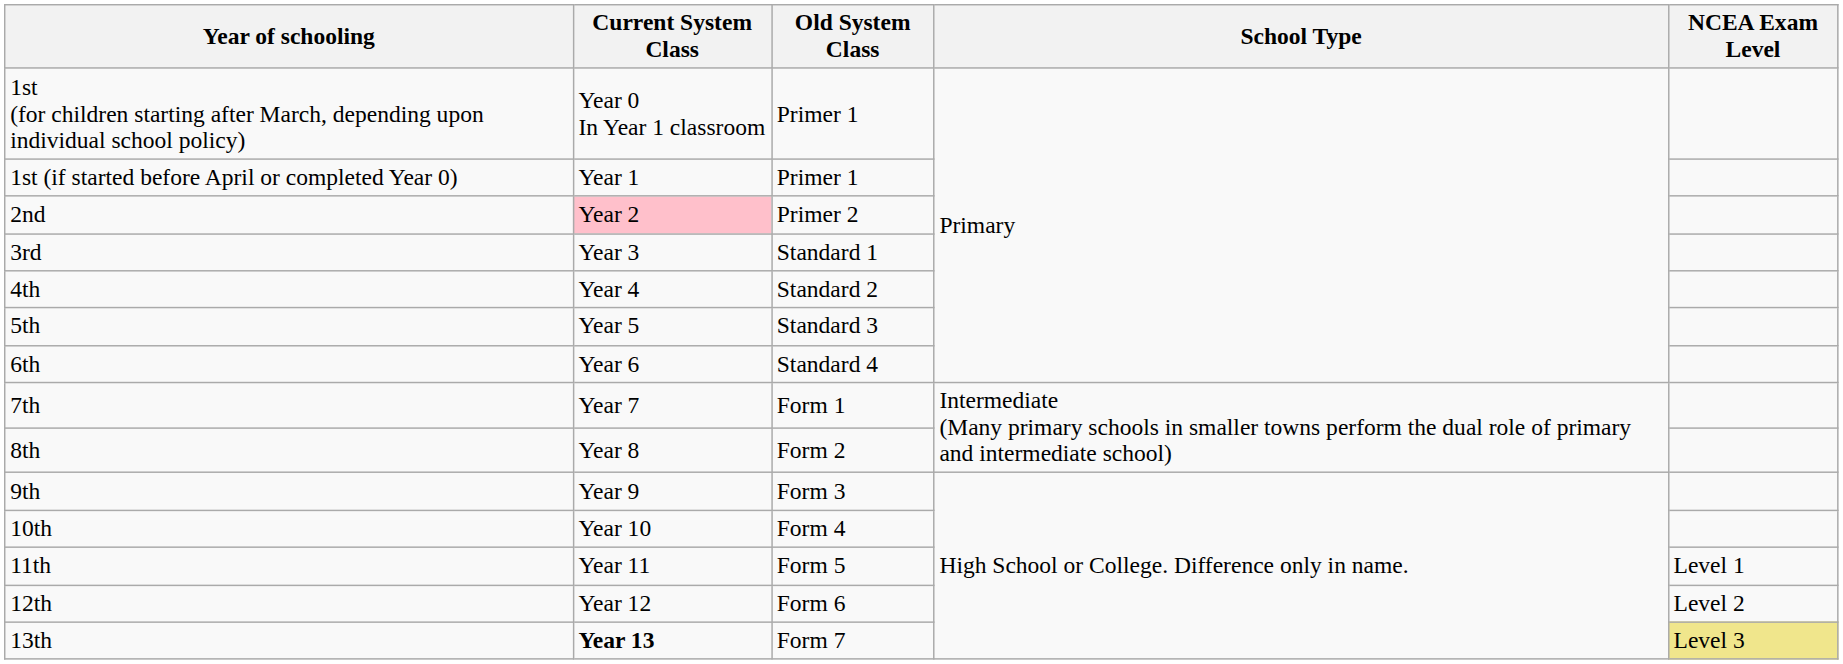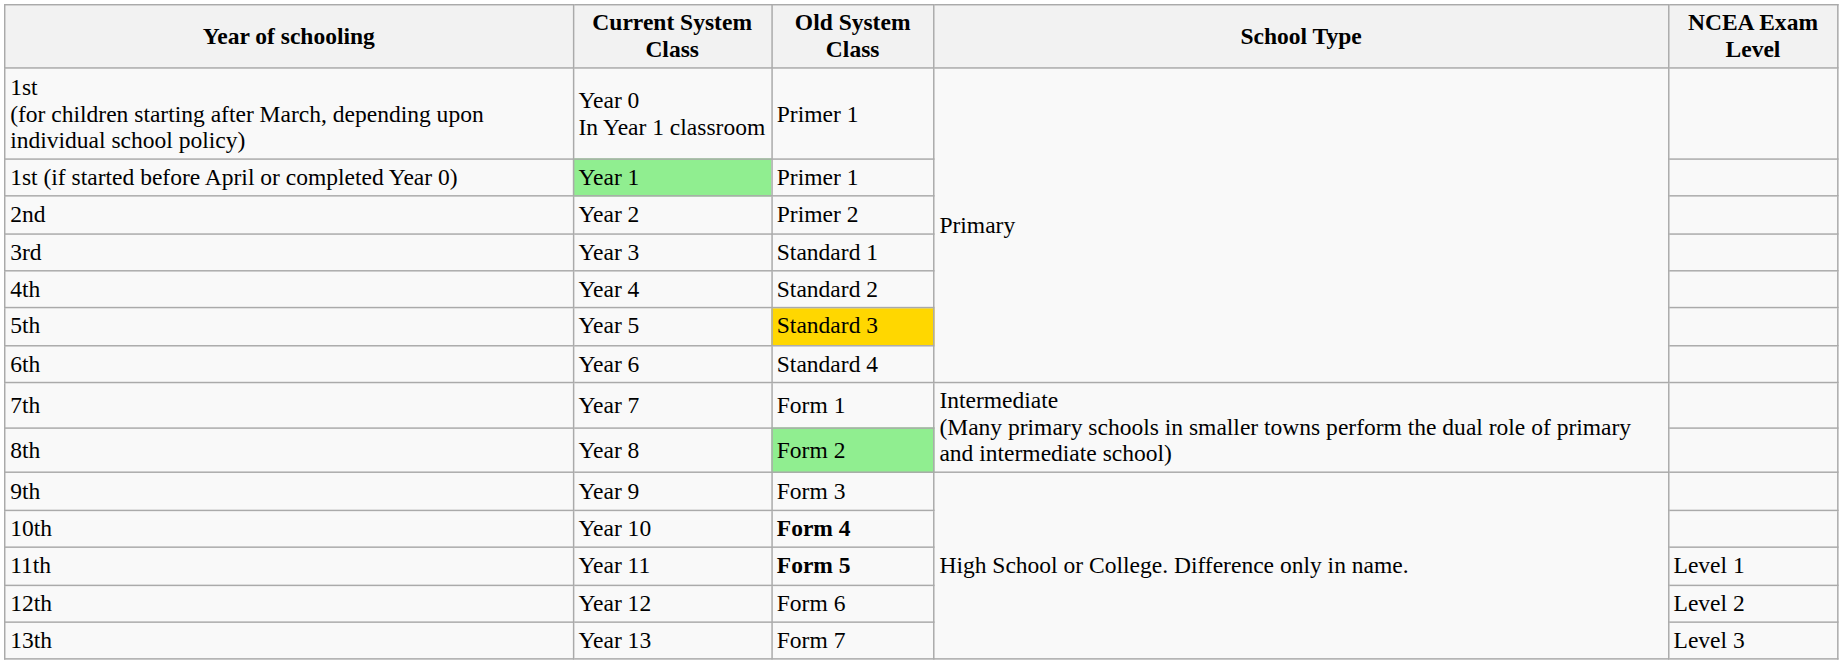 <table class="wikitable mw-collapsible mw-collapsed">
 <tr>
 <th>Year of schooling</th>
 <th>Current System Class</th>
 <th>Old System Class</th>
 <th>School Type</th>
 <th>NCEA Exam Level</th>
 </tr>
 <tr>
 <td>1st<br>(for children starting after March, depending upon individual school policy)</td>
 <td>Year 0<br>In Year 1 classroom</td>
 <td>Primer 1</td>
 <td rowspan="7">Primary</td>
 <td></td>
 </tr>
 <tr>
 <td>1st (if started before April or completed Year 0)</td>
-<td>Year 1</td>
+<td style="background: lightgreen;">Year 1</td>
 <td>Primer 1</td>
 <td></td>
 </tr>
 <tr>
 <td>2nd</td>
-<td style="background: pink;">Year 2</td>
+<td>Year 2</td>
 <td>Primer 2</td>
 <td></td>
 </tr>
 <tr>
 <td>3rd</td>
 <td>Year 3</td>
 <td>Standard 1</td>
 <td></td>
 </tr>
 <tr>
 <td>4th</td>
 <td>Year 4</td>
 <td>Standard 2</td>
 <td></td>
 </tr>
 <tr>
 <td>5th</td>
 <td>Year 5</td>
-<td>Standard 3</td>
+<td style="background: gold;">Standard 3</td>
 <td></td>
 </tr>
 <tr>
 <td>6th</td>
 <td>Year 6</td>
 <td>Standard 4</td>
 <td></td>
 </tr>
 <tr>
 <td>7th</td>
 <td>Year 7</td>
 <td>Form 1</td>
 <td rowspan="2">Intermediate<br>(Many primary schools in smaller towns perform the dual role of primary and intermediate school)</td>
 <td></td>
 </tr>
 <tr>
 <td>8th</td>
 <td>Year 8</td>
-<td>Form 2</td>
+<td style="background: lightgreen;">Form 2</td>
 <td></td>
 </tr>
 <tr>
 <td>9th</td>
 <td>Year 9</td>
 <td>Form 3</td>
 <td rowspan="5">High School or College. Difference only in name.</td>
 <td></td>
 </tr>
 <tr>
 <td>10th</td>
 <td>Year 10</td>
-<td>Form 4</td>
+<td><strong>Form 4</strong></td>
 <td></td>
 </tr>
 <tr>
 <td>11th</td>
 <td>Year 11</td>
-<td>Form 5</td>
+<td><strong>Form 5</strong></td>
 <td>Level 1</td>
 </tr>
 <tr>
 <td>12th</td>
 <td>Year 12</td>
 <td>Form 6</td>
 <td>Level 2</td>
 </tr>
 <tr>
 <td>13th</td>
-<td><strong>Year 13</strong></td>
+<td>Year 13</td>
 <td>Form 7</td>
-<td style="background: khaki;">Level 3</td>
+<td>Level 3</td>
 </tr>
 </table>
